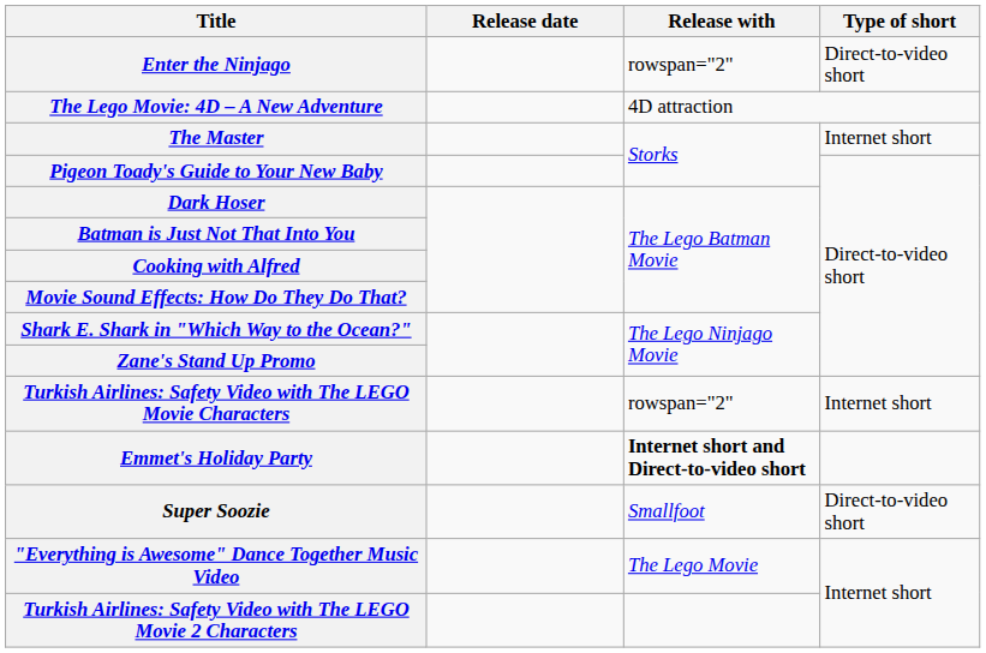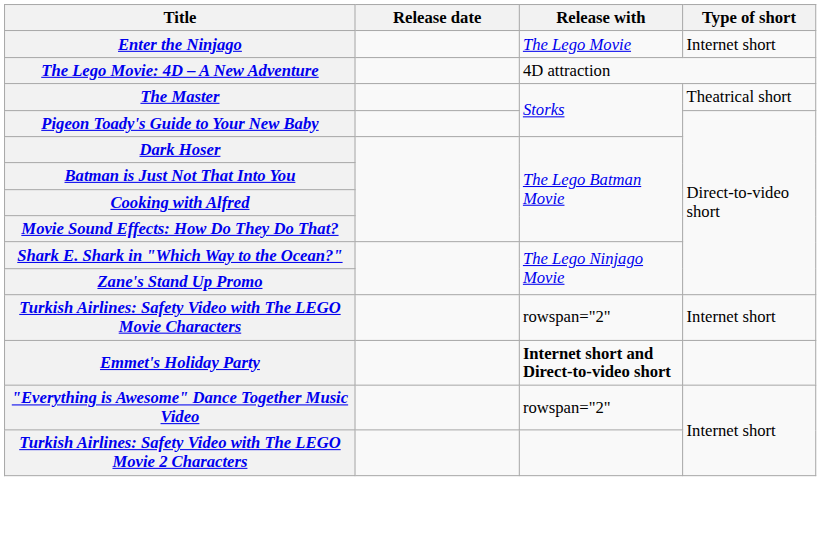 <table class="wikitable sortable plainrowheaders">
 <tr>
 <th width=330>Title</th>
 <th width=150>Release date</th>
 <th width=150>Release with</th>
 <th width=120>Type of short</th>
 </tr>
 <tr>
 <th scope="row"><em><a href='#'>Enter the Ninjago</a></em></th>
 <td align="right"></td>
-<td>rowspan="2" </td>
-<td>Direct-to-video short</td>
+<td><em><a href='#'>The Lego Movie</a></em></td>
+<td>Internet short</td>
 </tr>
 <tr>
 <th scope="row"><em><a href='#'>The Lego Movie: 4D – A New Adventure</a></em></th>
 <td align="right"></td>
 <td colspan="2">4D attraction</td>
 </tr>
 <tr>
 <th scope="row"><em><a href='#'>The Master</a></em></th>
 <td align="right"></td>
 <td rowspan="2"><em><a href='#'>Storks</a></em></td>
-<td>Internet short</td>
+<td>Theatrical short</td>
 </tr>
 <tr>
 <th scope="row"><em><a href='#'>Pigeon Toady's Guide to Your New Baby</a></em></th>
 <td align="right"></td>
 <td rowspan="7">Direct-to-video short</td>
 </tr>
 <tr>
 <th scope="row"><em><a href='#'>Dark Hoser</a></em></th>
 <td align="right" rowspan="4"></td>
 <td rowspan="4"><em><a href='#'>The Lego Batman Movie</a></em></td>
 </tr>
 <tr>
 <th scope="row"><em><a href='#'>Batman is Just Not That Into You</a></em></th>
 </tr>
 <tr>
 <th scope="row"><em><a href='#'>Cooking with Alfred</a></em></th>
 </tr>
 <tr>
 <th scope="row"><em><a href='#'>Movie Sound Effects: How Do They Do That?</a></em></th>
 </tr>
 <tr>
 <th scope="row"><em><a href='#'>Shark E. Shark in "Which Way to the Ocean?"</a></em></th>
 <td align="right" rowspan="2"></td>
 <td rowspan="2"><em><a href='#'>The Lego Ninjago Movie</a></em></td>
 </tr>
 <tr>
 <th scope="row"><em><a href='#'>Zane's Stand Up Promo</a></em></th>
 </tr>
 <tr>
 <th scope="row"><em><a href='#'>Turkish Airlines: Safety Video with The LEGO Movie Characters</a></em></th>
 <td align="right"></td>
 <td>rowspan="2" </td>
 <td>Internet short</td>
 </tr>
 <tr>
 <th scope="row"><em><a href='#'>Emmet's Holiday Party</a></em></th>
 <td align="right"></td>
 <td><strong>Internet short and Direct-to-video short</strong></td>
 </tr>
 <tr>
-<th scope="row"><em>Super Soozie</em></th>
-<td align="right"></td>
-<td><em><a href='#'>Smallfoot</a></em></td>
-<td>Direct-to-video short</td>
-</tr>
-<tr>
 <th scope="row"><em><a href='#'>"Everything is Awesome" Dance Together Music Video</a></em></th>
 <td align="right"></td>
-<td><em><a href='#'>The Lego Movie</a></em></td>
+<td>rowspan="2" </td>
 <td rowspan="2">Internet short</td>
 </tr>
 <tr>
 <th scope="row"><em><a href='#'>Turkish Airlines: Safety Video with The LEGO Movie 2 Characters</a></em></th>
 <td align="right"></td>
 </tr>
 </table>
